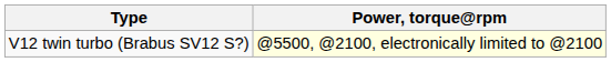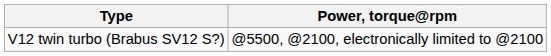 <table class="wikitable">
 <tr>
 <th>Type</th>
 <th>Power, torque@rpm</th>
 </tr>
 <tr>
 <td> V12 twin turbo (Brabus SV12 S?)</td>
-<td style="background: lightyellow;">@5500, @2100, electronically limited to @2100</td>
+<td>@5500, @2100, electronically limited to @2100</td>
 </tr>
 </table>
